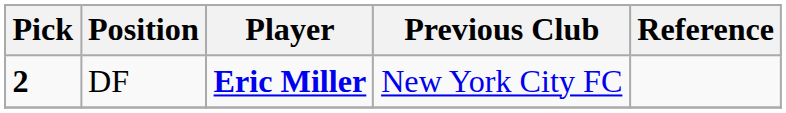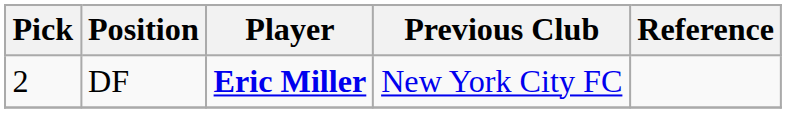 <table class="wikitable">
 <tr>
 <th>Pick</th>
 <th>Position</th>
 <th>Player</th>
 <th>Previous Club</th>
 <th>Reference</th>
 </tr>
 <tr>
-<td><strong>2</strong></td>
+<td>2</td>
 <td>DF</td>
 <td><strong> <a href='#'>Eric Miller</a></strong></td>
 <td><a href='#'>New York City FC</a></td>
 <td></td>
 </tr>
 <tr>
 </tr>
 </table>
